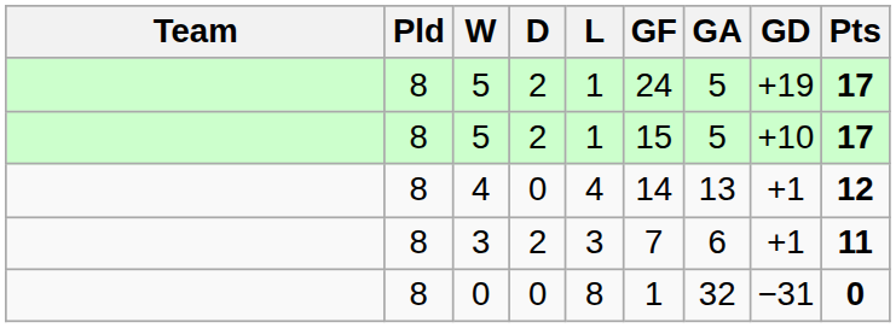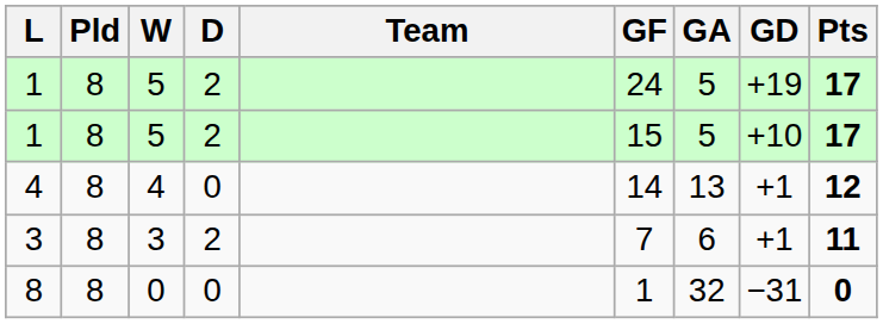 <table class="wikitable" style="text-align: center;">
 <tr>
-<th width="175">Team</th>
+<th width="20">L</th>
 <th width="20">Pld</th>
 <th width="20">W</th>
 <th width="20">D</th>
-<th width="20">L</th>
+<th width="175">Team</th>
 <th width="20">GF</th>
 <th width="20">GA</th>
 <th width="20">GD</th>
 <th width="20">Pts</th>
 </tr>
 <tr bgcolor="#ccffcc">
-<td align="left"></td>
+<td>1</td>
 <td>8</td>
 <td>5</td>
 <td>2</td>
-<td>1</td>
+<td align="left"></td>
 <td>24</td>
 <td>5</td>
 <td>+19</td>
 <td><strong>17</strong></td>
 </tr>
 <tr bgcolor="#ccffcc">
-<td align="left"></td>
+<td>1</td>
 <td>8</td>
 <td>5</td>
 <td>2</td>
-<td>1</td>
+<td align="left"></td>
 <td>15</td>
 <td>5</td>
 <td>+10</td>
 <td><strong>17</strong></td>
 </tr>
 <tr>
-<td align="left"></td>
+<td>4</td>
 <td>8</td>
 <td>4</td>
 <td>0</td>
-<td>4</td>
+<td align="left"></td>
 <td>14</td>
 <td>13</td>
 <td>+1</td>
 <td><strong>12</strong></td>
 </tr>
 <tr>
-<td align="left"></td>
+<td>3</td>
 <td>8</td>
 <td>3</td>
 <td>2</td>
-<td>3</td>
+<td align="left"></td>
 <td>7</td>
 <td>6</td>
 <td>+1</td>
 <td><strong>11</strong></td>
 </tr>
 <tr>
-<td align="left"></td>
+<td>8</td>
 <td>8</td>
 <td>0</td>
 <td>0</td>
-<td>8</td>
+<td align="left"></td>
 <td>1</td>
 <td>32</td>
 <td>−31</td>
 <td><strong>0</strong></td>
 </tr>
 </table>
